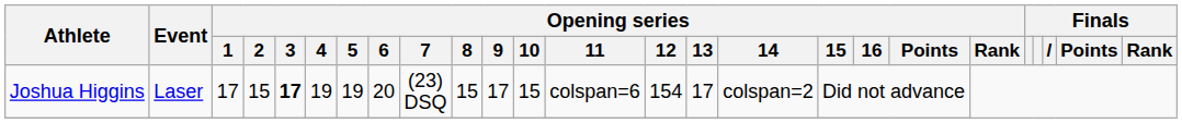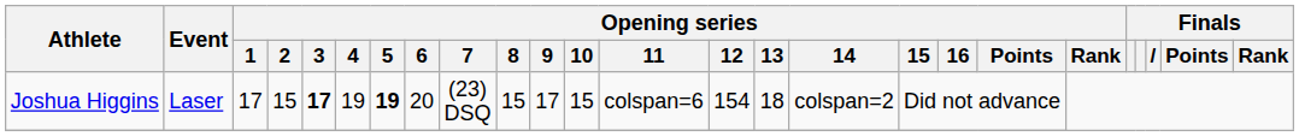 <table class=wikitable style=font-size:90%;text-align:center>
 <tr>
 <th rowspan=2>Athlete</th>
 <th rowspan=2>Event</th>
 <th colspan=18>Opening series</th>
 <th colspan=5>Finals</th>
 </tr>
 <tr style=font-size:95%>
 <th>1</th>
 <th>2</th>
 <th>3</th>
 <th>4</th>
 <th>5</th>
 <th>6</th>
 <th>7</th>
 <th>8</th>
 <th>9</th>
 <th>10</th>
 <th>11</th>
 <th>12</th>
 <th>13</th>
 <th>14</th>
 <th>15</th>
 <th>16</th>
 <th>Points</th>
 <th>Rank</th>
 <th></th>
 <th></th>
 <th> / </th>
 <th>Points</th>
 <th>Rank</th>
 </tr>
 <tr>
 <td align=left><a href='#'>Joshua Higgins</a></td>
 <td align=left><a href='#'>Laser</a></td>
 <td>17</td>
 <td>15</td>
 <td><strong>17</strong></td>
 <td>19</td>
-<td>19</td>
+<td><strong>19</strong></td>
 <td>20</td>
 <td>(23)<br>DSQ</td>
 <td>15</td>
 <td>17</td>
 <td>15</td>
 <td>colspan=6 </td>
 <td>154</td>
-<td>17</td>
+<td>18</td>
 <td>colspan=2 </td>
 <td colspan=3>Did not advance</td>
 </tr>
 <tr>
 </tr>
 </table>
